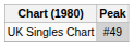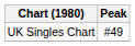 <table class="wikitable">
 <tr>
 <th align="left">Chart (1980)</th>
 <th align="left">Peak</th>
 </tr>
 <tr>
 <td align="left">UK Singles Chart</td>
-<td align="center" style="background: lightgrey;">#49</td>
+<td align="center">#49</td>
 </tr>
 <tr>
 </tr>
 </table>
